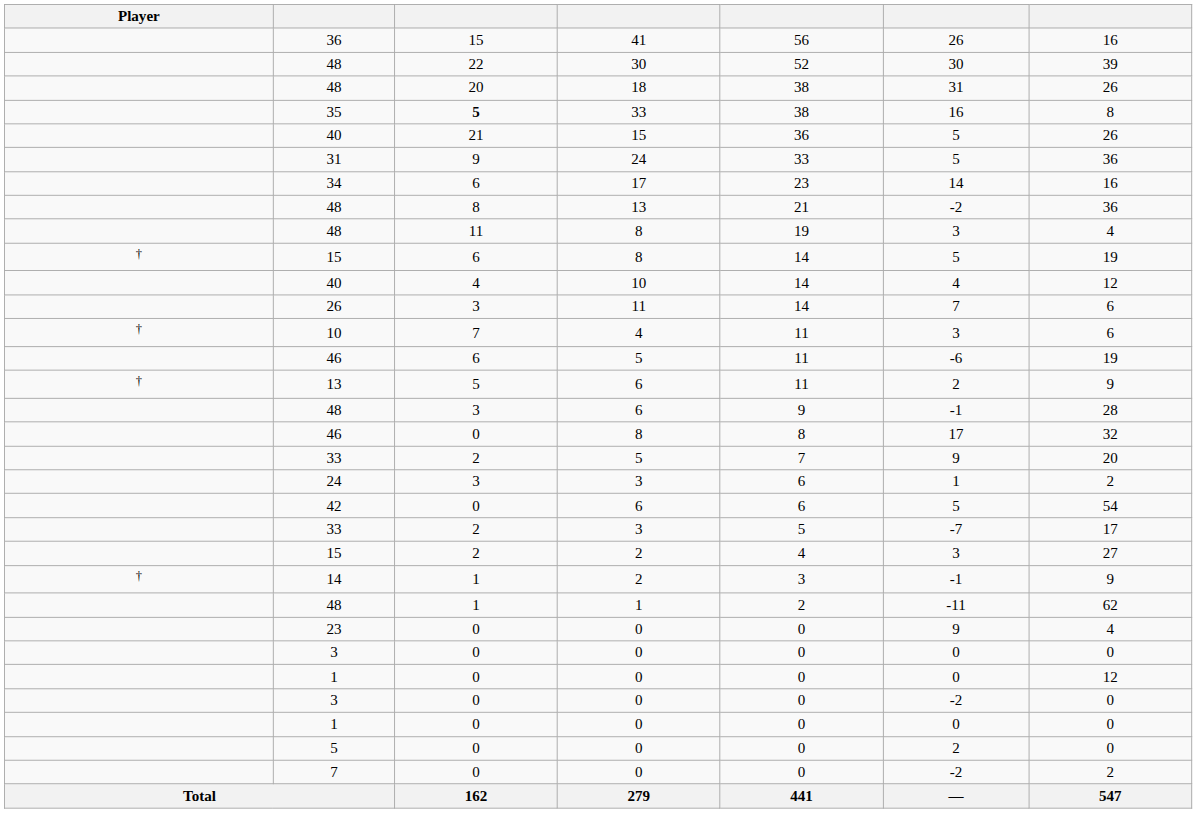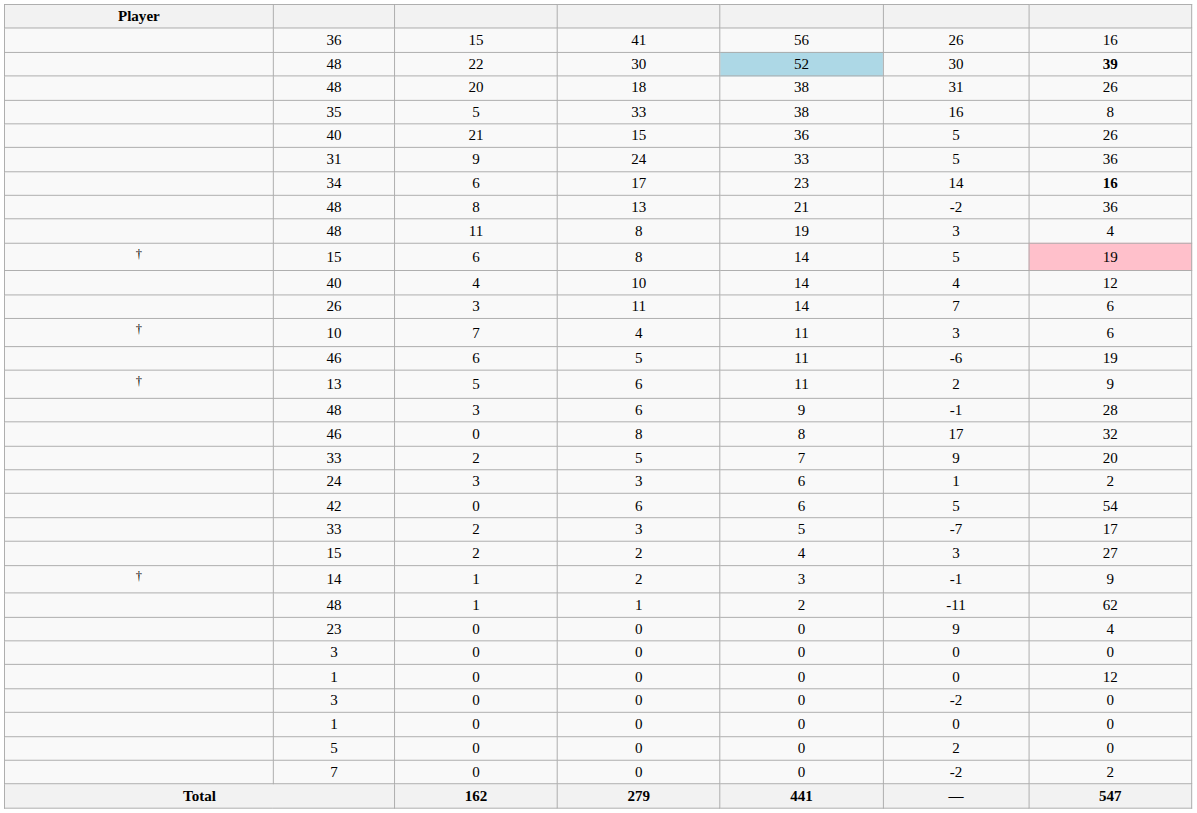 <table class="wikitable sortable" style="width:100%; text-align:center;">
 <tr align=center>
 <th>Player</th>
 <th></th>
 <th></th>
 <th></th>
 <th></th>
 <th data-sort-type="number"></th>
 <th></th>
 </tr>
 <tr>
 <td></td>
 <td>36</td>
 <td>15</td>
 <td>41</td>
 <td>56</td>
 <td>26</td>
 <td>16</td>
 </tr>
 <tr>
 <td></td>
 <td>48</td>
 <td>22</td>
 <td>30</td>
-<td>52</td>
+<td style="background: lightblue;">52</td>
 <td>30</td>
-<td>39</td>
+<td><strong>39</strong></td>
 </tr>
 <tr>
 <td></td>
 <td>48</td>
 <td>20</td>
 <td>18</td>
 <td>38</td>
 <td>31</td>
 <td>26</td>
 </tr>
 <tr>
 <td></td>
 <td>35</td>
-<td><strong>5</strong></td>
+<td>5</td>
 <td>33</td>
 <td>38</td>
 <td>16</td>
 <td>8</td>
 </tr>
 <tr>
 <td></td>
 <td>40</td>
 <td>21</td>
 <td>15</td>
 <td>36</td>
 <td>5</td>
 <td>26</td>
 </tr>
 <tr>
 <td></td>
 <td>31</td>
 <td>9</td>
 <td>24</td>
 <td>33</td>
 <td>5</td>
 <td>36</td>
 </tr>
 <tr>
 <td></td>
 <td>34</td>
 <td>6</td>
 <td>17</td>
 <td>23</td>
 <td>14</td>
-<td>16</td>
+<td><strong>16</strong></td>
 </tr>
 <tr>
 <td></td>
 <td>48</td>
 <td>8</td>
 <td>13</td>
 <td>21</td>
 <td>-2</td>
 <td>36</td>
 </tr>
 <tr>
 <td></td>
 <td>48</td>
 <td>11</td>
 <td>8</td>
 <td>19</td>
 <td>3</td>
 <td>4</td>
 </tr>
 <tr>
 <td><sup>†</sup></td>
 <td>15</td>
 <td>6</td>
 <td>8</td>
 <td>14</td>
 <td>5</td>
-<td>19</td>
+<td style="background: pink;">19</td>
 </tr>
 <tr>
 <td></td>
 <td>40</td>
 <td>4</td>
 <td>10</td>
 <td>14</td>
 <td>4</td>
 <td>12</td>
 </tr>
 <tr>
 <td></td>
 <td>26</td>
 <td>3</td>
 <td>11</td>
 <td>14</td>
 <td>7</td>
 <td>6</td>
 </tr>
 <tr>
 <td><sup>†</sup></td>
 <td>10</td>
 <td>7</td>
 <td>4</td>
 <td>11</td>
 <td>3</td>
 <td>6</td>
 </tr>
 <tr>
 <td></td>
 <td>46</td>
 <td>6</td>
 <td>5</td>
 <td>11</td>
 <td>-6</td>
 <td>19</td>
 </tr>
 <tr>
 <td><sup>†</sup></td>
 <td>13</td>
 <td>5</td>
 <td>6</td>
 <td>11</td>
 <td>2</td>
 <td>9</td>
 </tr>
 <tr>
 <td></td>
 <td>48</td>
 <td>3</td>
 <td>6</td>
 <td>9</td>
 <td>-1</td>
 <td>28</td>
 </tr>
 <tr>
 <td></td>
 <td>46</td>
 <td>0</td>
 <td>8</td>
 <td>8</td>
 <td>17</td>
 <td>32</td>
 </tr>
 <tr>
 <td></td>
 <td>33</td>
 <td>2</td>
 <td>5</td>
 <td>7</td>
 <td>9</td>
 <td>20</td>
 </tr>
 <tr>
 <td></td>
 <td>24</td>
 <td>3</td>
 <td>3</td>
 <td>6</td>
 <td>1</td>
 <td>2</td>
 </tr>
 <tr>
 <td></td>
 <td>42</td>
 <td>0</td>
 <td>6</td>
 <td>6</td>
 <td>5</td>
 <td>54</td>
 </tr>
 <tr>
 <td></td>
 <td>33</td>
 <td>2</td>
 <td>3</td>
 <td>5</td>
 <td>-7</td>
 <td>17</td>
 </tr>
 <tr>
 <td></td>
 <td>15</td>
 <td>2</td>
 <td>2</td>
 <td>4</td>
 <td>3</td>
 <td>27</td>
 </tr>
 <tr>
 <td><sup>†</sup></td>
 <td>14</td>
 <td>1</td>
 <td>2</td>
 <td>3</td>
 <td>-1</td>
 <td>9</td>
 </tr>
 <tr>
 <td></td>
 <td>48</td>
 <td>1</td>
 <td>1</td>
 <td>2</td>
 <td>-11</td>
 <td>62</td>
 </tr>
 <tr>
 <td></td>
 <td>23</td>
 <td>0</td>
 <td>0</td>
 <td>0</td>
 <td>9</td>
 <td>4</td>
 </tr>
 <tr>
 <td></td>
 <td>3</td>
 <td>0</td>
 <td>0</td>
 <td>0</td>
 <td>0</td>
 <td>0</td>
 </tr>
 <tr>
 <td></td>
 <td>1</td>
 <td>0</td>
 <td>0</td>
 <td>0</td>
 <td>0</td>
 <td>12</td>
 </tr>
 <tr>
 <td></td>
 <td>3</td>
 <td>0</td>
 <td>0</td>
 <td>0</td>
 <td>-2</td>
 <td>0</td>
 </tr>
 <tr>
 <td></td>
 <td>1</td>
 <td>0</td>
 <td>0</td>
 <td>0</td>
 <td>0</td>
 <td>0</td>
 </tr>
 <tr>
 <td></td>
 <td>5</td>
 <td>0</td>
 <td>0</td>
 <td>0</td>
 <td>2</td>
 <td>0</td>
 </tr>
 <tr>
 <td></td>
 <td>7</td>
 <td>0</td>
 <td>0</td>
 <td>0</td>
 <td>-2</td>
 <td>2</td>
 </tr>
 <tr class="sortbottom">
 <th colspan=2>Total</th>
 <th>162</th>
 <th>279</th>
 <th>441</th>
 <th>—</th>
 <th>547</th>
 </tr>
 </table>
